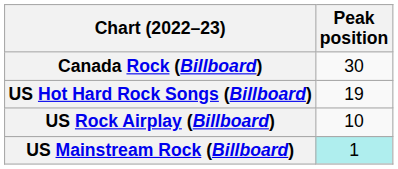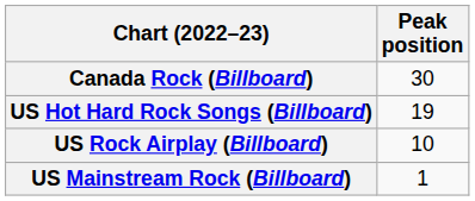 <table class="wikitable sortable plainrowheaders" style="text-align:center">
 <tr>
 <th scope="col">Chart (2022–23)</th>
 <th scope="col">Peak<br>position</th>
 </tr>
 <tr>
 <th scope="row">Canada <a href='#'>Rock</a> (<em><a href='#'>Billboard</a></em>)</th>
 <td>30</td>
 </tr>
 <tr>
 <th scope="row">US <a href='#'>Hot Hard Rock Songs</a>  (<em><a href='#'>Billboard</a></em>)</th>
 <td>19</td>
 </tr>
 <tr>
 <th scope="row">US <a href='#'>Rock Airplay</a>  (<em><a href='#'>Billboard</a></em>)</th>
 <td>10</td>
 </tr>
 <tr>
 <th scope="row">US <a href='#'>Mainstream Rock</a> (<em><a href='#'>Billboard</a></em>)</th>
-<td style="background: paleturquoise;">1</td>
+<td>1</td>
 </tr>
 </table>
